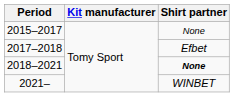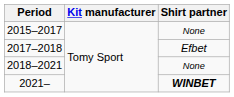 <table class="wikitable" style="text-align: center">
 <tr>
 <th>Period</th>
 <th><a href='#'>Kit</a> manufacturer</th>
 <th>Shirt partner</th>
 </tr>
 <tr>
 <td>2015–2017</td>
 <td align="Left" rowspan=4> Tomy Sport</td>
 <td><small><em>None</em></small></td>
 </tr>
 <tr>
 <td>2017–2018</td>
 <td><em>Efbet</em></td>
 </tr>
 <tr>
 <td>2018–2021</td>
-<td><strong><small><em>None</em></small></strong></td>
+<td><small><em>None</em></small></td>
 </tr>
 <tr>
 <td>2021–</td>
-<td><em>WINBET</em></td>
+<td><strong><em>WINBET</em></strong></td>
 </tr>
 </table>
